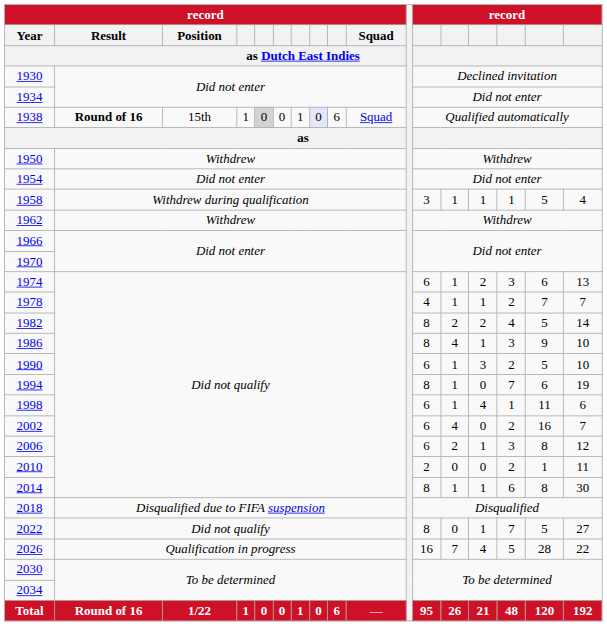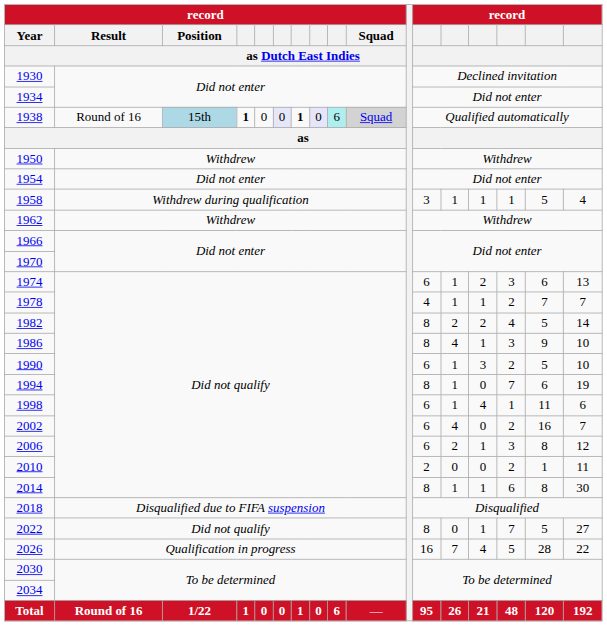 <table class="wikitable" style="text-align: center;">
 <tr>
 <th colspan=10 style="background: #CE1126; color: #FFFFFF;"><a href='#'></a> record</th>
 <th style="width:1%;" rowspan=30></th>
 <th colspan=7 style="background: #CE1126; color: #FFFFFF;"><a href='#'></a> record</th>
 </tr>
 <tr>
 <th>Year</th>
 <th>Result</th>
 <th>Position</th>
 <th></th>
 <th></th>
 <th></th>
 <th></th>
 <th></th>
 <th></th>
 <th>Squad</th>
 <th></th>
 <th></th>
 <th></th>
 <th></th>
 <th></th>
 <th></th>
 </tr>
 <tr>
 <th colspan=17>as  <a href='#'>Dutch East Indies</a></th>
 </tr>
 <tr>
 <td> <a href='#'>1930</a></td>
 <td colspan=9 rowspan=2><em>Did not enter</em></td>
 <td colspan=7><em>Declined invitation</em></td>
 </tr>
 <tr>
 <td> <a href='#'>1934</a></td>
 <td colspan=7><em>Did not enter</em></td>
 </tr>
 <tr>
 <td> <a href='#'>1938</a></td>
-<td><strong>Round of 16</strong></td>
-<td>15th</td>
-<td>1</td>
-<td style="background: lightgrey;">0</td>
+<td>Round of 16</td>
+<td style="background: lightblue;">15th</td>
+<td><strong>1</strong></td>
 <td>0</td>
-<td>1</td>
 <td style="background: lavender;">0</td>
-<td>6</td>
-<td><a href='#'>Squad</a></td>
+<td><strong>1</strong></td>
+<td style="background: lavender;">0</td>
+<td style="background: paleturquoise;">6</td>
+<td style="background: lightgrey;"><a href='#'>Squad</a></td>
 <td colspan=7><em>Qualified automatically</em></td>
 </tr>
 <tr>
 <th colspan=17>as </th>
 </tr>
 <tr>
 <td> <a href='#'>1950</a></td>
 <td colspan=9><em>Withdrew</em></td>
 <td colspan=6><em>Withdrew</em></td>
 </tr>
 <tr>
 <td> <a href='#'>1954</a></td>
 <td colspan=9><em>Did not enter</em></td>
 <td colspan=6><em>Did not enter</em></td>
 </tr>
 <tr>
 <td> <a href='#'>1958</a></td>
 <td colspan=9><em>Withdrew during qualification</em></td>
 <td>3</td>
 <td>1</td>
 <td>1</td>
 <td>1</td>
 <td>5</td>
 <td>4</td>
 </tr>
 <tr>
 <td> <a href='#'>1962</a></td>
 <td colspan=9><em>Withdrew</em></td>
 <td colspan=7><em>Withdrew</em></td>
 </tr>
 <tr>
 <td> <a href='#'>1966</a></td>
 <td colspan=9 rowspan=2><em>Did not enter</em></td>
 <td colspan=7 rowspan=2><em>Did not enter</em></td>
 </tr>
 <tr>
 <td> <a href='#'>1970</a></td>
 </tr>
 <tr>
 <td> <a href='#'>1974</a></td>
 <td colspan=9 rowspan=11><em>Did not qualify</em></td>
 <td>6</td>
 <td>1</td>
 <td>2</td>
 <td>3</td>
 <td>6</td>
 <td>13</td>
 </tr>
 <tr>
 <td> <a href='#'>1978</a></td>
 <td>4</td>
 <td>1</td>
 <td>1</td>
 <td>2</td>
 <td>7</td>
 <td>7</td>
 </tr>
 <tr>
 <td> <a href='#'>1982</a></td>
 <td>8</td>
 <td>2</td>
 <td>2</td>
 <td>4</td>
 <td>5</td>
 <td>14</td>
 </tr>
 <tr>
 <td> <a href='#'>1986</a></td>
 <td>8</td>
 <td>4</td>
 <td>1</td>
 <td>3</td>
 <td>9</td>
 <td>10</td>
 </tr>
 <tr>
 <td> <a href='#'>1990</a></td>
 <td>6</td>
 <td>1</td>
 <td>3</td>
 <td>2</td>
 <td>5</td>
 <td>10</td>
 </tr>
 <tr>
 <td> <a href='#'>1994</a></td>
 <td>8</td>
 <td>1</td>
 <td>0</td>
 <td>7</td>
 <td>6</td>
 <td>19</td>
 </tr>
 <tr>
 <td> <a href='#'>1998</a></td>
 <td>6</td>
 <td>1</td>
 <td>4</td>
 <td>1</td>
 <td>11</td>
 <td>6</td>
 </tr>
 <tr>
 <td>  <a href='#'>2002</a></td>
 <td>6</td>
 <td>4</td>
 <td>0</td>
 <td>2</td>
 <td>16</td>
 <td>7</td>
 </tr>
 <tr>
 <td> <a href='#'>2006</a></td>
 <td>6</td>
 <td>2</td>
 <td>1</td>
 <td>3</td>
 <td>8</td>
 <td>12</td>
 </tr>
 <tr>
 <td> <a href='#'>2010</a></td>
 <td>2</td>
 <td>0</td>
 <td>0</td>
 <td>2</td>
 <td>1</td>
 <td>11</td>
 </tr>
 <tr>
 <td> <a href='#'>2014</a></td>
 <td>8</td>
 <td>1</td>
 <td>1</td>
 <td>6</td>
 <td>8</td>
 <td>30</td>
 </tr>
 <tr>
 <td> <a href='#'>2018</a></td>
 <td colspan=9><em>Disqualified due to FIFA <a href='#'>suspension</a></em></td>
 <td colspan=7><em>Disqualified</em></td>
 </tr>
 <tr>
 <td> <a href='#'>2022</a></td>
 <td colspan=9><em>Did not qualify</em></td>
 <td>8</td>
 <td>0</td>
 <td>1</td>
 <td>7</td>
 <td>5</td>
 <td>27</td>
 </tr>
 <tr>
 <td>   <a href='#'>2026</a></td>
 <td colspan=9><em>Qualification in progress</em></td>
 <td>16</td>
 <td>7</td>
 <td>4</td>
 <td>5</td>
 <td>28</td>
 <td>22</td>
 </tr>
 <tr>
 <td>   <a href='#'>2030</a></td>
 <td colspan=9 rowspan=2><em>To be determined</em></td>
 <td colspan=6 rowspan=2><em>To be determined</em></td>
 </tr>
 <tr>
 <td> <a href='#'>2034</a></td>
 </tr>
 <tr>
 <td style="background: #CE1126; color: #FFFFFF;"><strong>Total</strong></td>
 <td style="background: #CE1126; color: #FFFFFF;"><strong>Round of 16</strong></td>
 <td style="background: #CE1126; color: #FFFFFF;"><strong>1/22</strong></td>
 <td style="background: #CE1126; color: #FFFFFF;"><strong>1</strong></td>
 <td style="background: #CE1126; color: #FFFFFF;"><strong>0</strong></td>
 <td style="background: #CE1126; color: #FFFFFF;"><strong>0</strong></td>
 <td style="background: #CE1126; color: #FFFFFF;"><strong>1</strong></td>
 <td style="background: #CE1126; color: #FFFFFF;"><strong>0</strong></td>
 <td style="background: #CE1126; color: #FFFFFF;"><strong>6</strong></td>
 <td style="background: #CE1126; color: #FFFFFF;">—</td>
 <td style="background: #CE1126; color: #FFFFFF;"><strong>95</strong></td>
 <td style="background: #CE1126; color: #FFFFFF;"><strong>26</strong></td>
 <td style="background: #CE1126; color: #FFFFFF;"><strong>21</strong></td>
 <td style="background: #CE1126; color: #FFFFFF;"><strong>48</strong></td>
 <td style="background: #CE1126; color: #FFFFFF;"><strong>120</strong></td>
 <td style="background: #CE1126; color: #FFFFFF;"><strong>192</strong></td>
 </tr>
 </table>
